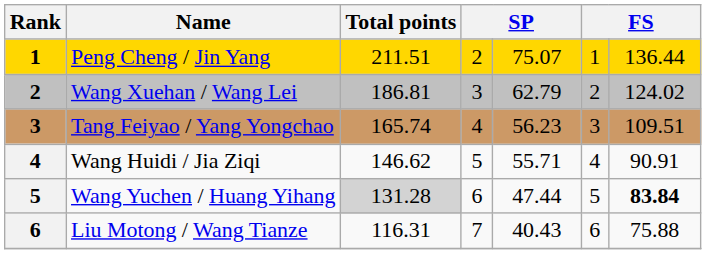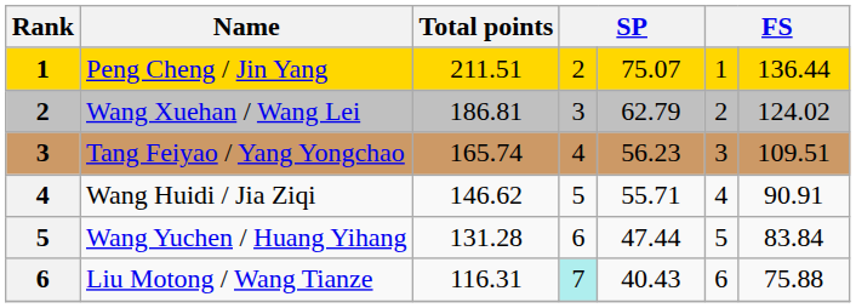 <table class="wikitable sortable">
 <tr>
 <th>Rank</th>
 <th>Name</th>
 <th>Total points</th>
 <th colspan="2" width="80px"><a href='#'>SP</a></th>
 <th colspan="2" width="80px"><a href='#'>FS</a></th>
 </tr>
 <tr bgcolor="gold">
 <td align="center"><strong>1</strong></td>
 <td><a href='#'>Peng Cheng</a> / <a href='#'>Jin Yang</a></td>
 <td align="center">211.51</td>
 <td align="center">2</td>
 <td align="center">75.07</td>
 <td align="center">1</td>
 <td align="center">136.44</td>
 </tr>
 <tr bgcolor="silver">
 <td align="center"><strong>2</strong></td>
 <td><a href='#'>Wang Xuehan</a> / <a href='#'>Wang Lei</a></td>
 <td align="center">186.81</td>
 <td align="center">3</td>
 <td align="center">62.79</td>
 <td align="center">2</td>
 <td align="center">124.02</td>
 </tr>
 <tr bgcolor="cc9966">
 <td align="center"><strong>3</strong></td>
 <td><a href='#'>Tang Feiyao</a> / <a href='#'>Yang Yongchao</a></td>
 <td align="center">165.74</td>
 <td align="center">4</td>
 <td align="center">56.23</td>
 <td align="center">3</td>
 <td align="center">109.51</td>
 </tr>
 <tr>
 <th>4</th>
 <td>Wang Huidi / Jia Ziqi</td>
 <td align="center">146.62</td>
 <td align="center">5</td>
 <td align="center">55.71</td>
 <td align="center">4</td>
 <td align="center">90.91</td>
 </tr>
 <tr>
 <th>5</th>
 <td><a href='#'>Wang Yuchen</a> / <a href='#'>Huang Yihang</a></td>
-<td align="center" style="background: lightgrey;">131.28</td>
+<td align="center">131.28</td>
 <td align="center">6</td>
 <td align="center">47.44</td>
 <td align="center">5</td>
-<td align="center"><strong>83.84</strong></td>
+<td align="center">83.84</td>
 </tr>
 <tr>
 <th>6</th>
 <td><a href='#'>Liu Motong</a> / <a href='#'>Wang Tianze</a></td>
 <td align="center">116.31</td>
-<td align="center">7</td>
+<td align="center" style="background: paleturquoise;">7</td>
 <td align="center">40.43</td>
 <td align="center">6</td>
 <td align="center">75.88</td>
 </tr>
 <tr>
 </tr>
 </table>
